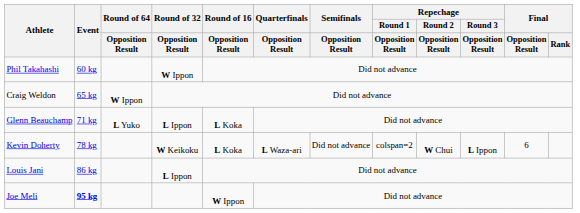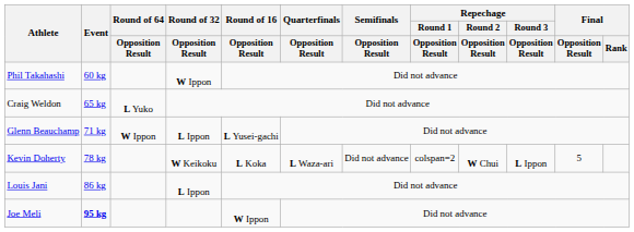 <table class="wikitable" style="font-size:90%">
 <tr>
 <th rowspan="3">Athlete</th>
 <th rowspan="3">Event</th>
 <th rowspan="2">Round of 64</th>
 <th rowspan="2">Round of 32</th>
 <th rowspan="2">Round of 16</th>
 <th rowspan="2">Quarterfinals</th>
 <th rowspan="2">Semifinals</th>
 <th colspan=3>Repechage</th>
 <th rowspan="2" colspan=2>Final</th>
 </tr>
 <tr style="font-size:95%">
 <th>Round 1</th>
 <th>Round 2</th>
 <th>Round 3</th>
 </tr>
 <tr style="font-size:95%">
 <th>Opposition<br>Result</th>
 <th>Opposition<br>Result</th>
 <th>Opposition<br>Result</th>
 <th>Opposition<br>Result</th>
 <th>Opposition<br>Result</th>
 <th>Opposition<br>Result</th>
 <th>Opposition<br>Result</th>
 <th>Opposition<br>Result</th>
 <th>Opposition<br>Result</th>
 <th>Rank</th>
 </tr>
 <tr align=center>
 <td align=left><a href='#'>Phil Takahashi</a></td>
 <td align=left><a href='#'>60 kg</a></td>
 <td></td>
 <td><br><strong>W</strong> Ippon</td>
 <td colspan=8>Did not advance</td>
 </tr>
 <tr align=center>
 <td align=left>Craig Weldon</td>
 <td align=left><a href='#'>65 kg</a></td>
-<td><br><strong>W</strong> Ippon</td>
+<td><br><strong>L</strong> Yuko</td>
 <td colspan=9>Did not advance</td>
 </tr>
 <tr align=center>
 <td align=left><a href='#'>Glenn Beauchamp</a></td>
 <td align=left><a href='#'>71 kg</a></td>
-<td><br><strong>L</strong> Yuko</td>
+<td><br><strong>W</strong> Ippon</td>
 <td><br><strong>L</strong> Ippon</td>
-<td><br><strong>L</strong> Koka</td>
+<td><br><strong>L</strong> Yusei-gachi</td>
 <td colspan=7>Did not advance</td>
 </tr>
 <tr align=center>
 <td align=left><a href='#'>Kevin Doherty</a></td>
 <td align=left><a href='#'>78 kg</a></td>
 <td></td>
 <td><br><strong>W</strong> Keikoku</td>
 <td><br><strong>L</strong> Koka</td>
 <td><br><strong>L</strong> Waza-ari</td>
 <td>Did not advance</td>
 <td>colspan=2</td>
 <td><br><strong>W</strong> Chui</td>
 <td><br><strong>L</strong> Ippon</td>
-<td>6</td>
+<td>5</td>
 </tr>
 <tr align=center>
 <td align=left><a href='#'>Louis Jani</a></td>
 <td align=left><a href='#'>86 kg</a></td>
 <td></td>
 <td><br><strong>L</strong> Ippon</td>
 <td colspan=8>Did not advance</td>
 </tr>
 <tr align=center>
 <td align=left><a href='#'>Joe Meli</a></td>
 <td align=left><strong><a href='#'>95 kg</a></strong></td>
 <td></td>
 <td></td>
 <td><br><strong>W</strong> Ippon</td>
 <td colspan=7>Did not advance</td>
 </tr>
 </table>
